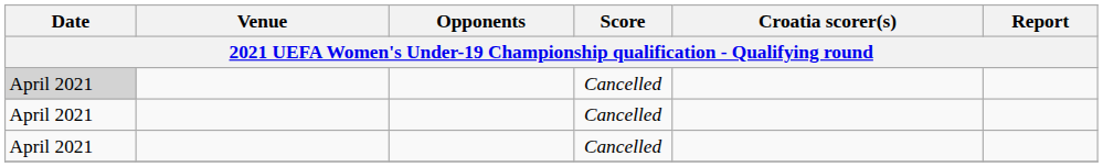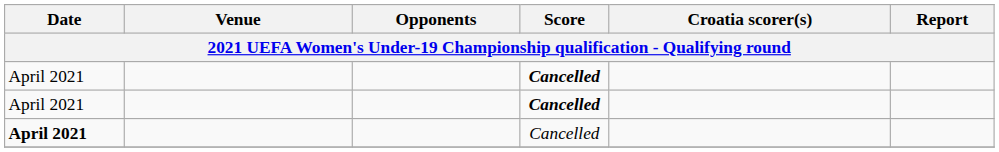 <table class="wikitable" style="font-size:95%;">
 <tr>
 <th width=125>Date</th>
 <th width=260>Venue</th>
 <th width=170>Opponents</th>
 <th width= 75>Score</th>
 <th width=320>Croatia scorer(s)</th>
 <th width=100>Report</th>
 </tr>
 <tr>
 <th colspan=7><a href='#'>2021 UEFA Women's Under-19 Championship qualification - Qualifying round</a></th>
 </tr>
 <tr>
-<td style="background: lightgrey;">April 2021</td>
+<td>April 2021</td>
 <td></td>
 <td></td>
-<td align=center><em>Cancelled</em></td>
+<td align=center><strong><em>Cancelled</em></strong></td>
 <td></td>
 <td></td>
 </tr>
 <tr>
 <td>April 2021</td>
 <td></td>
 <td></td>
-<td align=center><em>Cancelled</em></td>
+<td align=center><strong><em>Cancelled</em></strong></td>
 <td></td>
 <td></td>
 </tr>
 <tr>
-<td>April 2021</td>
+<td><strong>April 2021</strong></td>
 <td></td>
 <td></td>
 <td align=center><em>Cancelled</em></td>
 <td></td>
 <td></td>
 </tr>
 <tr>
 </tr>
 </table>
